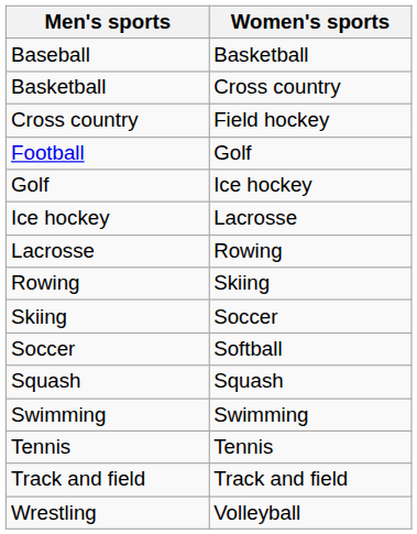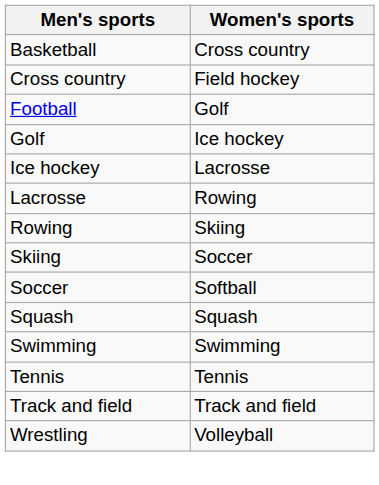 <table class="wikitable"; style="float:right; clear:right; margin-left:15px">
 <tr>
 <th width=150px>Men's sports</th>
 <th width=150px>Women's sports</th>
-</tr>
-<tr>
-<td>Baseball</td>
-<td>Basketball</td>
 </tr>
 <tr>
 <td>Basketball</td>
 <td>Cross country</td>
 </tr>
 <tr>
 <td>Cross country</td>
 <td>Field hockey</td>
 </tr>
 <tr>
 <td><a href='#'>Football</a></td>
 <td>Golf</td>
 </tr>
 <tr>
 <td>Golf</td>
 <td>Ice hockey</td>
 </tr>
 <tr>
 <td>Ice hockey</td>
 <td>Lacrosse</td>
 </tr>
 <tr>
 <td>Lacrosse</td>
 <td>Rowing</td>
 </tr>
 <tr>
 <td>Rowing</td>
 <td>Skiing</td>
 </tr>
 <tr>
 <td>Skiing</td>
 <td>Soccer</td>
 </tr>
 <tr>
 <td>Soccer</td>
 <td>Softball</td>
 </tr>
 <tr>
 <td>Squash</td>
 <td>Squash</td>
 </tr>
 <tr>
 <td>Swimming</td>
 <td>Swimming</td>
 </tr>
 <tr>
 <td>Tennis</td>
 <td>Tennis</td>
 </tr>
 <tr>
 <td>Track and field</td>
 <td>Track and field</td>
 </tr>
 <tr>
 <td>Wrestling</td>
 <td>Volleyball</td>
 </tr>
 </table>
